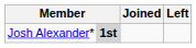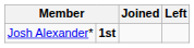 <table class="wikitable sortable" style="text-align:center;">
 <tr>
 <th colspan="2">Member</th>
 <th>Joined</th>
 <th>Left</th>
 </tr>
 <tr>
 <td><a href='#'>Josh Alexander</a>*</td>
-<td style="background: lightgrey;"><strong>1st</strong></td>
+<td><strong>1st</strong></td>
 <td></td>
 <td></td>
 </tr>
 </table>
